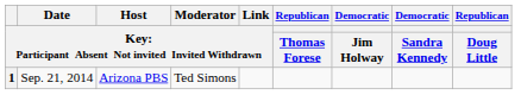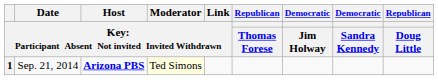 <table class="wikitable" style="text-align:center;">
 <tr>
 <th scope="col"></th>
 <th scope="col">Date</th>
 <th scope="col">Host</th>
 <th scope="col">Moderator</th>
 <th scope="col">Link</th>
 <th scope="col"><small><a href='#'>Republican</a></small></th>
 <th scope="col"><small><a href='#'>Democratic</a></small></th>
 <th scope="col"><small><a href='#'>Democratic</a></small></th>
 <th scope="col"><small><a href='#'>Republican</a></small></th>
 </tr>
 <tr>
 <th colspan="5" rowspan="2">Key:<br> <small>Participant </small>  <small>Absent </small>  <small>Not invited </small>  <small>Invited  Withdrawn</small></th>
 <th scope="col" style="background:"></th>
 <th scope="col" style="background:"></th>
 <th scope="col" style="background:"></th>
 <th scope="col" style="background:"></th>
 </tr>
 <tr>
 <th scope="col"><a href='#'>Thomas Forese</a></th>
 <th scope="col">Jim Holway</th>
 <th scope="col"><a href='#'>Sandra Kennedy</a></th>
 <th scope="col"><a href='#'>Doug Little</a></th>
 </tr>
 <tr>
 <th>1</th>
 <td style="white-space:nowrap;">Sep. 21, 2014</td>
-<td style="white-space:nowrap;"><a href='#'>Arizona PBS</a></td>
-<td style="white-space:nowrap;">Ted Simons</td>
+<td style="white-space:nowrap;"><strong><a href='#'>Arizona PBS</a></strong></td>
+<td style="background: lightyellow; white-space:nowrap;">Ted Simons</td>
 <td style="white-space:nowrap;"></td>
 <td></td>
 <td></td>
 <td></td>
 <td></td>
 </tr>
 </table>
